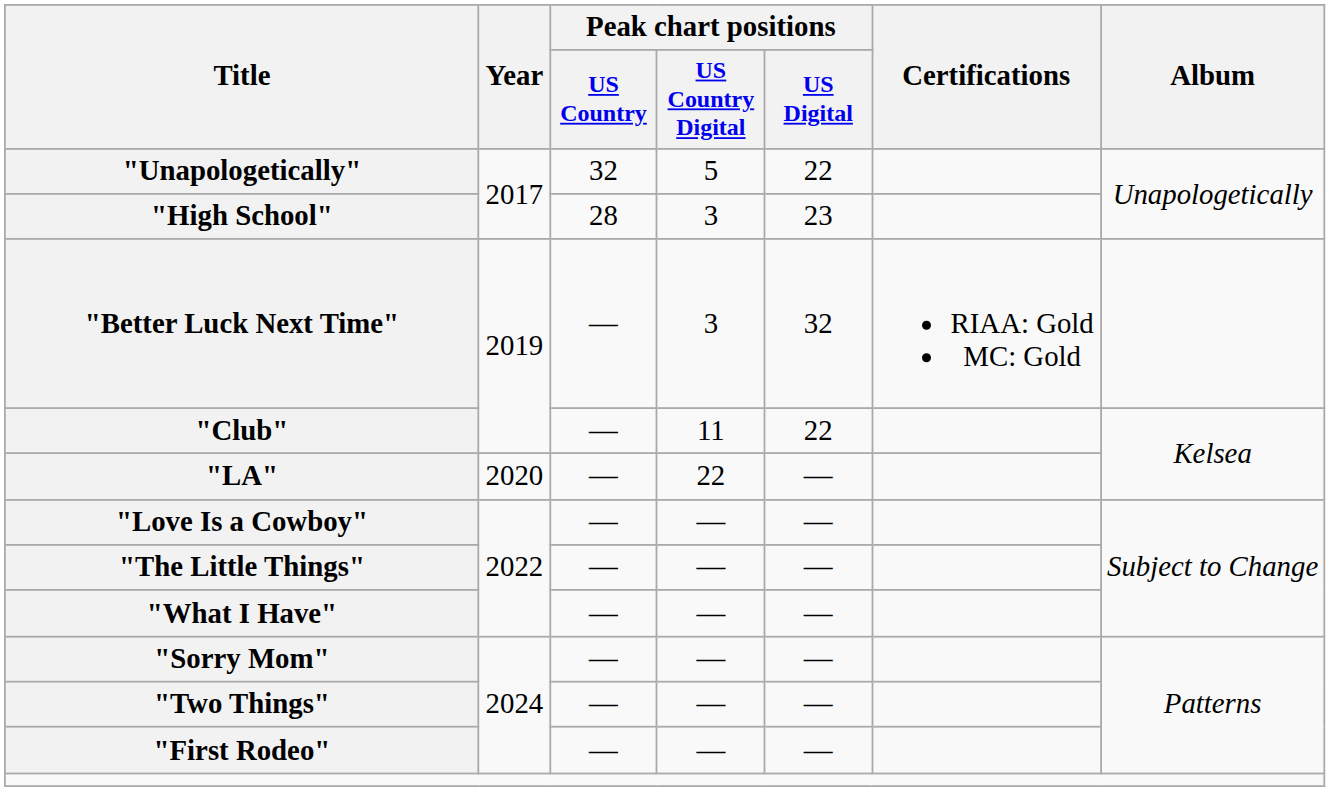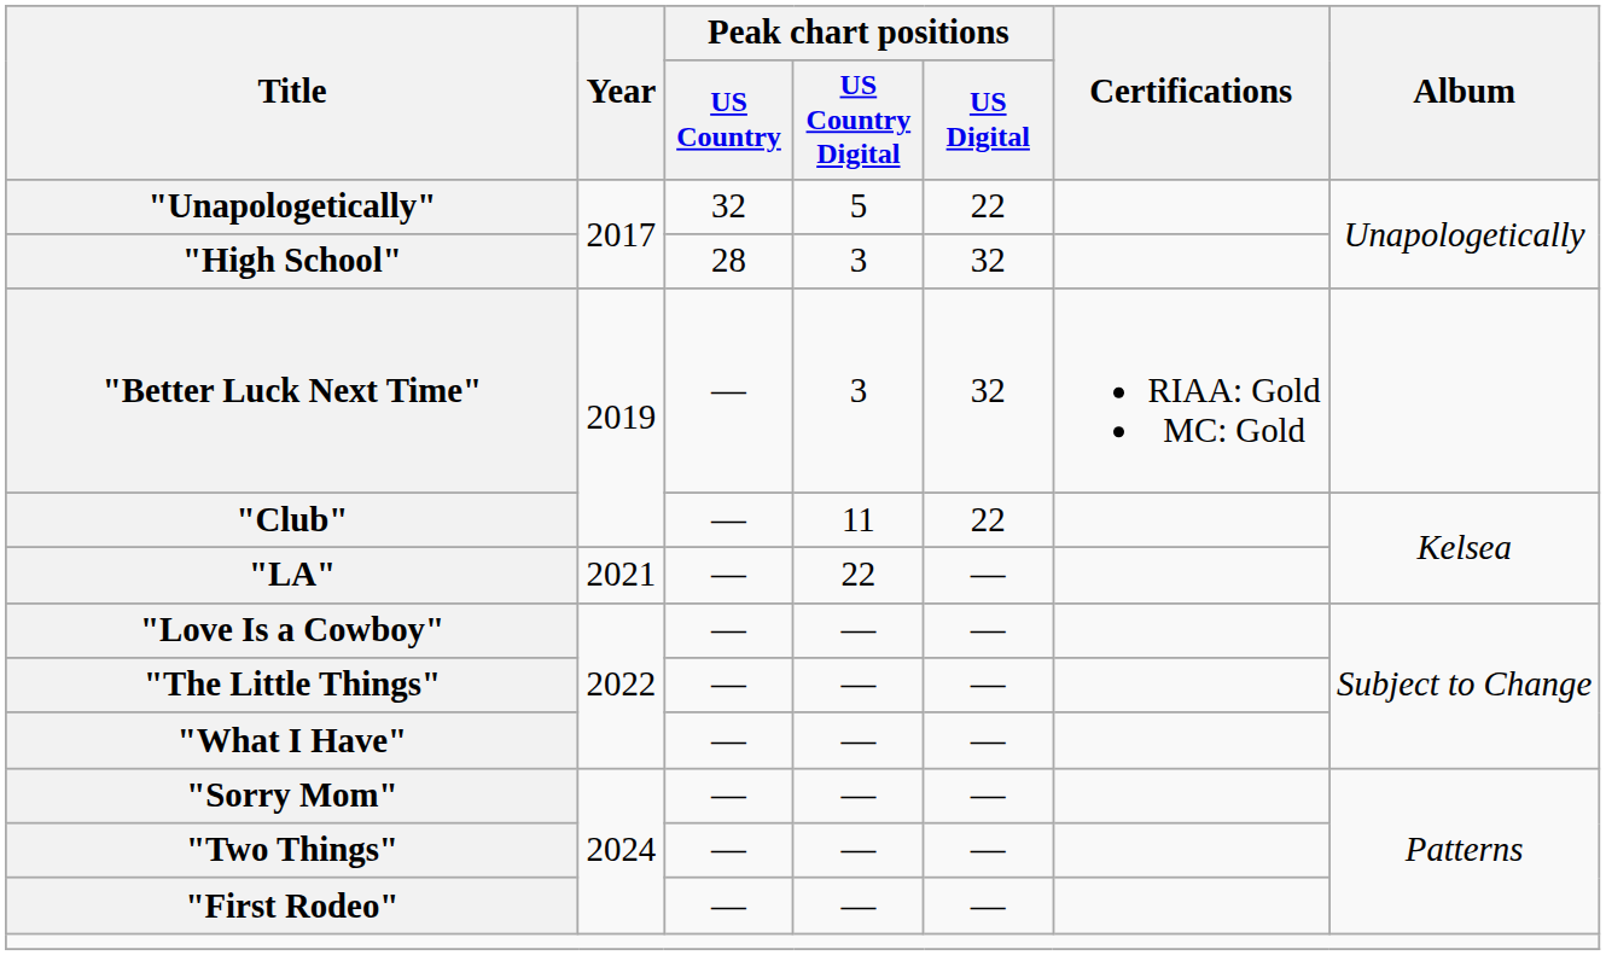 <table class="wikitable plainrowheaders" style="text-align:center;">
 <tr>
 <th rowspan="2" style="width:16em;">Title</th>
 <th rowspan="2">Year</th>
 <th colspan="3">Peak chart positions</th>
 <th rowspan="2">Certifications</th>
 <th rowspan="2">Album</th>
 </tr>
 <tr style="font-size:smaller;">
 <th style="width:4em;"><a href='#'>US Country</a><br></th>
 <th style="width:4em;"><a href='#'>US Country Digital</a><br></th>
 <th style="width:4em;"><a href='#'>US Digital</a><br></th>
 </tr>
 <tr>
 <th scope="row">"Unapologetically"</th>
 <td rowspan="2">2017</td>
 <td>32</td>
 <td>5</td>
 <td>22</td>
 <td></td>
 <td rowspan="2"><em>Unapologetically</em></td>
 </tr>
 <tr>
 <th scope="row">"High School"</th>
 <td>28</td>
 <td>3</td>
-<td>23</td>
+<td>32</td>
 <td></td>
 </tr>
 <tr>
 <th scope="row">"Better Luck Next Time"</th>
 <td rowspan="2">2019</td>
 <td>—</td>
 <td>3</td>
 <td>32</td>
 <td><br><ul><li>RIAA: Gold</li><li>MC: Gold</li></ul></td>
 <td></td>
 </tr>
 <tr>
 <th scope="row">"Club"</th>
 <td>—</td>
 <td>11</td>
 <td>22</td>
 <td></td>
 <td rowspan="2"><em>Kelsea</em></td>
 </tr>
 <tr>
 <th scope="row">"LA"</th>
-<td>2020</td>
+<td>2021</td>
 <td>—</td>
 <td>22</td>
 <td>—</td>
 <td></td>
 </tr>
 <tr>
 <th scope="row">"Love Is a Cowboy"</th>
 <td rowspan="3">2022</td>
 <td>—</td>
 <td>—</td>
 <td>—</td>
 <td></td>
 <td rowspan="3"><em>Subject to Change</em></td>
 </tr>
 <tr>
 <th scope="row">"The Little Things"</th>
 <td>—</td>
 <td>—</td>
 <td>—</td>
 <td></td>
 </tr>
 <tr>
 <th scope="row">"What I Have"</th>
 <td>—</td>
 <td>—</td>
 <td>—</td>
 <td></td>
 </tr>
 <tr>
 <th scope="row">"Sorry Mom"</th>
 <td rowspan="3">2024</td>
 <td>—</td>
 <td>—</td>
 <td>—</td>
 <td></td>
 <td rowspan="3'"><em>Patterns</em></td>
 </tr>
 <tr>
 <th scope="row">"Two Things"</th>
 <td>—</td>
 <td>—</td>
 <td>—</td>
 <td></td>
 </tr>
 <tr>
 <th scope="row">"First Rodeo"</th>
 <td>—</td>
 <td>—</td>
 <td>—</td>
 <td></td>
 </tr>
 <tr>
 <td colspan="7"></td>
 </tr>
 </table>
